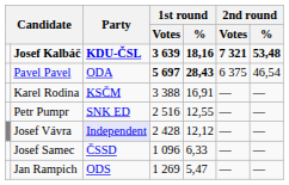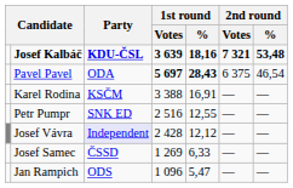 <table class="wikitable sortable">
 <tr>
 <th colspan="2" rowspan="2">Candidate</th>
 <th rowspan="2">Party</th>
 <th colspan="2">1st round</th>
 <th colspan="2">2nd round</th>
 </tr>
 <tr>
 <th>Votes</th>
 <th>%</th>
 <th>Votes</th>
 <th>%</th>
 </tr>
 <tr>
 <td style="background-color:"></td>
 <td><strong>Josef Kalbáč</strong></td>
 <td><strong><a href='#'>KDU-ČSL</a></strong></td>
 <td><strong>3 639</strong></td>
 <td><strong>18,16</strong></td>
 <td><strong>7 321</strong></td>
 <td><strong>53,48</strong></td>
 </tr>
 <tr>
 <td style="background-color:"></td>
 <td><a href='#'>Pavel Pavel</a></td>
 <td><a href='#'>ODA</a></td>
 <td><strong>5 697</strong></td>
 <td><strong>28,43</strong></td>
 <td>6 375</td>
 <td>46,54</td>
 </tr>
 <tr>
 <td style="background-color:"></td>
 <td>Karel Rodina</td>
 <td><a href='#'>KSČM</a></td>
 <td>3 388</td>
 <td>16,91</td>
 <td>—</td>
 <td>—</td>
 </tr>
 <tr>
 <td style="background-color:"></td>
 <td>Petr Pumpr</td>
 <td><a href='#'>SNK ED</a></td>
 <td>2 516</td>
 <td>12,55</td>
 <td>—</td>
 <td>—</td>
 </tr>
 <tr>
 <td style="background-color:gray;"></td>
 <td>Josef Vávra</td>
 <td style="background: lavender;"><a href='#'>Independent</a></td>
 <td>2 428</td>
 <td>12,12</td>
 <td>—</td>
 <td>—</td>
 </tr>
 <tr>
 <td style="background-color:"></td>
 <td>Josef Samec</td>
 <td><a href='#'>ČSSD</a></td>
-<td>1 096</td>
+<td>1 269</td>
 <td>6,33</td>
 <td>—</td>
 <td>—</td>
 </tr>
 <tr>
 <td style="background-color:"></td>
 <td>Jan Rampich</td>
 <td><a href='#'>ODS</a></td>
-<td>1 269</td>
+<td>1 096</td>
 <td>5,47</td>
 <td>—</td>
 <td>—</td>
 </tr>
 </table>
